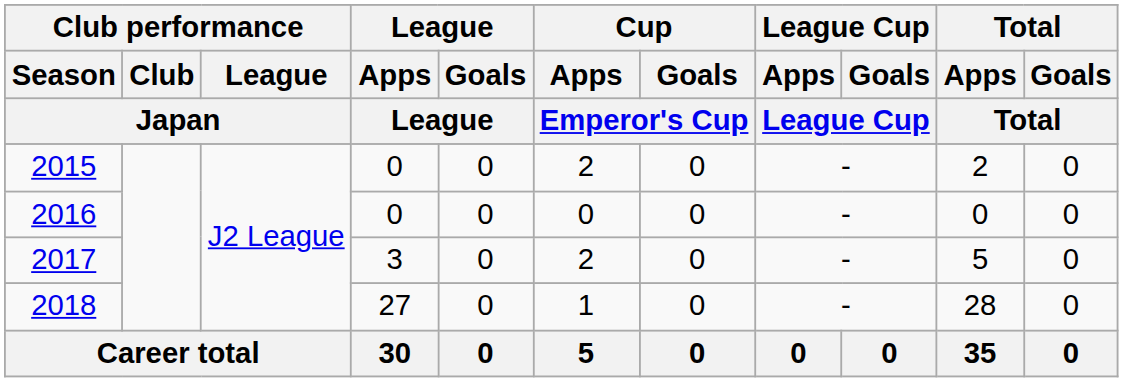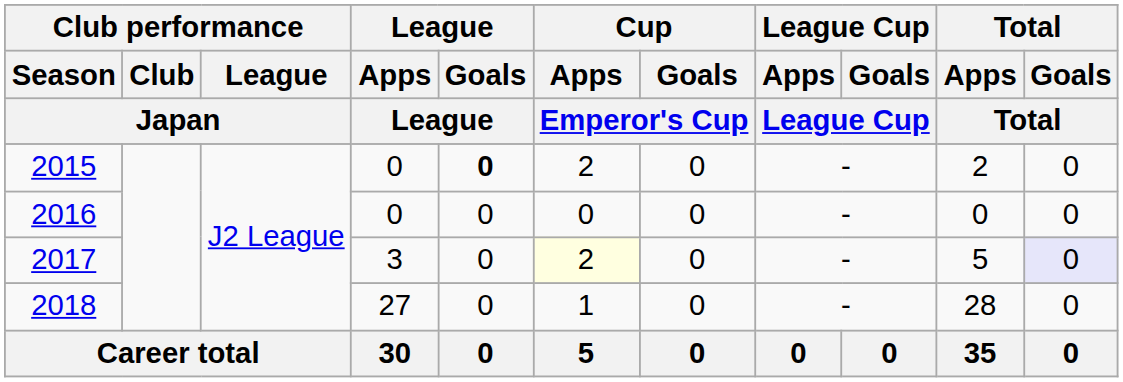 <table class="wikitable" style="text-align:center;">
 <tr>
 <th colspan=3>Club performance</th>
 <th colspan=2>League</th>
 <th colspan=2>Cup</th>
 <th colspan=2>League Cup</th>
 <th colspan=2>Total</th>
 </tr>
 <tr>
 <th>Season</th>
 <th>Club</th>
 <th>League</th>
 <th>Apps</th>
 <th>Goals</th>
 <th>Apps</th>
 <th>Goals</th>
 <th>Apps</th>
 <th>Goals</th>
 <th>Apps</th>
 <th>Goals</th>
 </tr>
 <tr>
 <th colspan=3>Japan</th>
 <th colspan=2>League</th>
 <th colspan=2><a href='#'>Emperor's Cup</a></th>
 <th colspan=2><a href='#'>League Cup</a></th>
 <th colspan=2>Total</th>
 </tr>
 <tr>
 <td><a href='#'>2015</a></td>
 <td rowspan="4"></td>
 <td rowspan="4"><a href='#'>J2 League</a></td>
 <td>0</td>
-<td>0</td>
+<td><strong>0</strong></td>
 <td>2</td>
 <td>0</td>
 <td colspan=2>-</td>
 <td>2</td>
 <td>0</td>
 </tr>
 <tr>
 <td><a href='#'>2016</a></td>
 <td>0</td>
 <td>0</td>
 <td>0</td>
 <td>0</td>
 <td colspan=2>-</td>
 <td>0</td>
 <td>0</td>
 </tr>
 <tr>
 <td><a href='#'>2017</a></td>
 <td>3</td>
 <td>0</td>
-<td>2</td>
+<td style="background: lightyellow;">2</td>
 <td>0</td>
 <td colspan=2>-</td>
 <td>5</td>
-<td>0</td>
+<td style="background: lavender;">0</td>
 </tr>
 <tr>
 <td><a href='#'>2018</a></td>
 <td>27</td>
 <td>0</td>
 <td>1</td>
 <td>0</td>
 <td colspan=2>-</td>
 <td>28</td>
 <td>0</td>
 </tr>
 <tr>
 <th colspan=3>Career total</th>
 <th>30</th>
 <th>0</th>
 <th>5</th>
 <th>0</th>
 <th>0</th>
 <th>0</th>
 <th>35</th>
 <th>0</th>
 </tr>
 </table>
